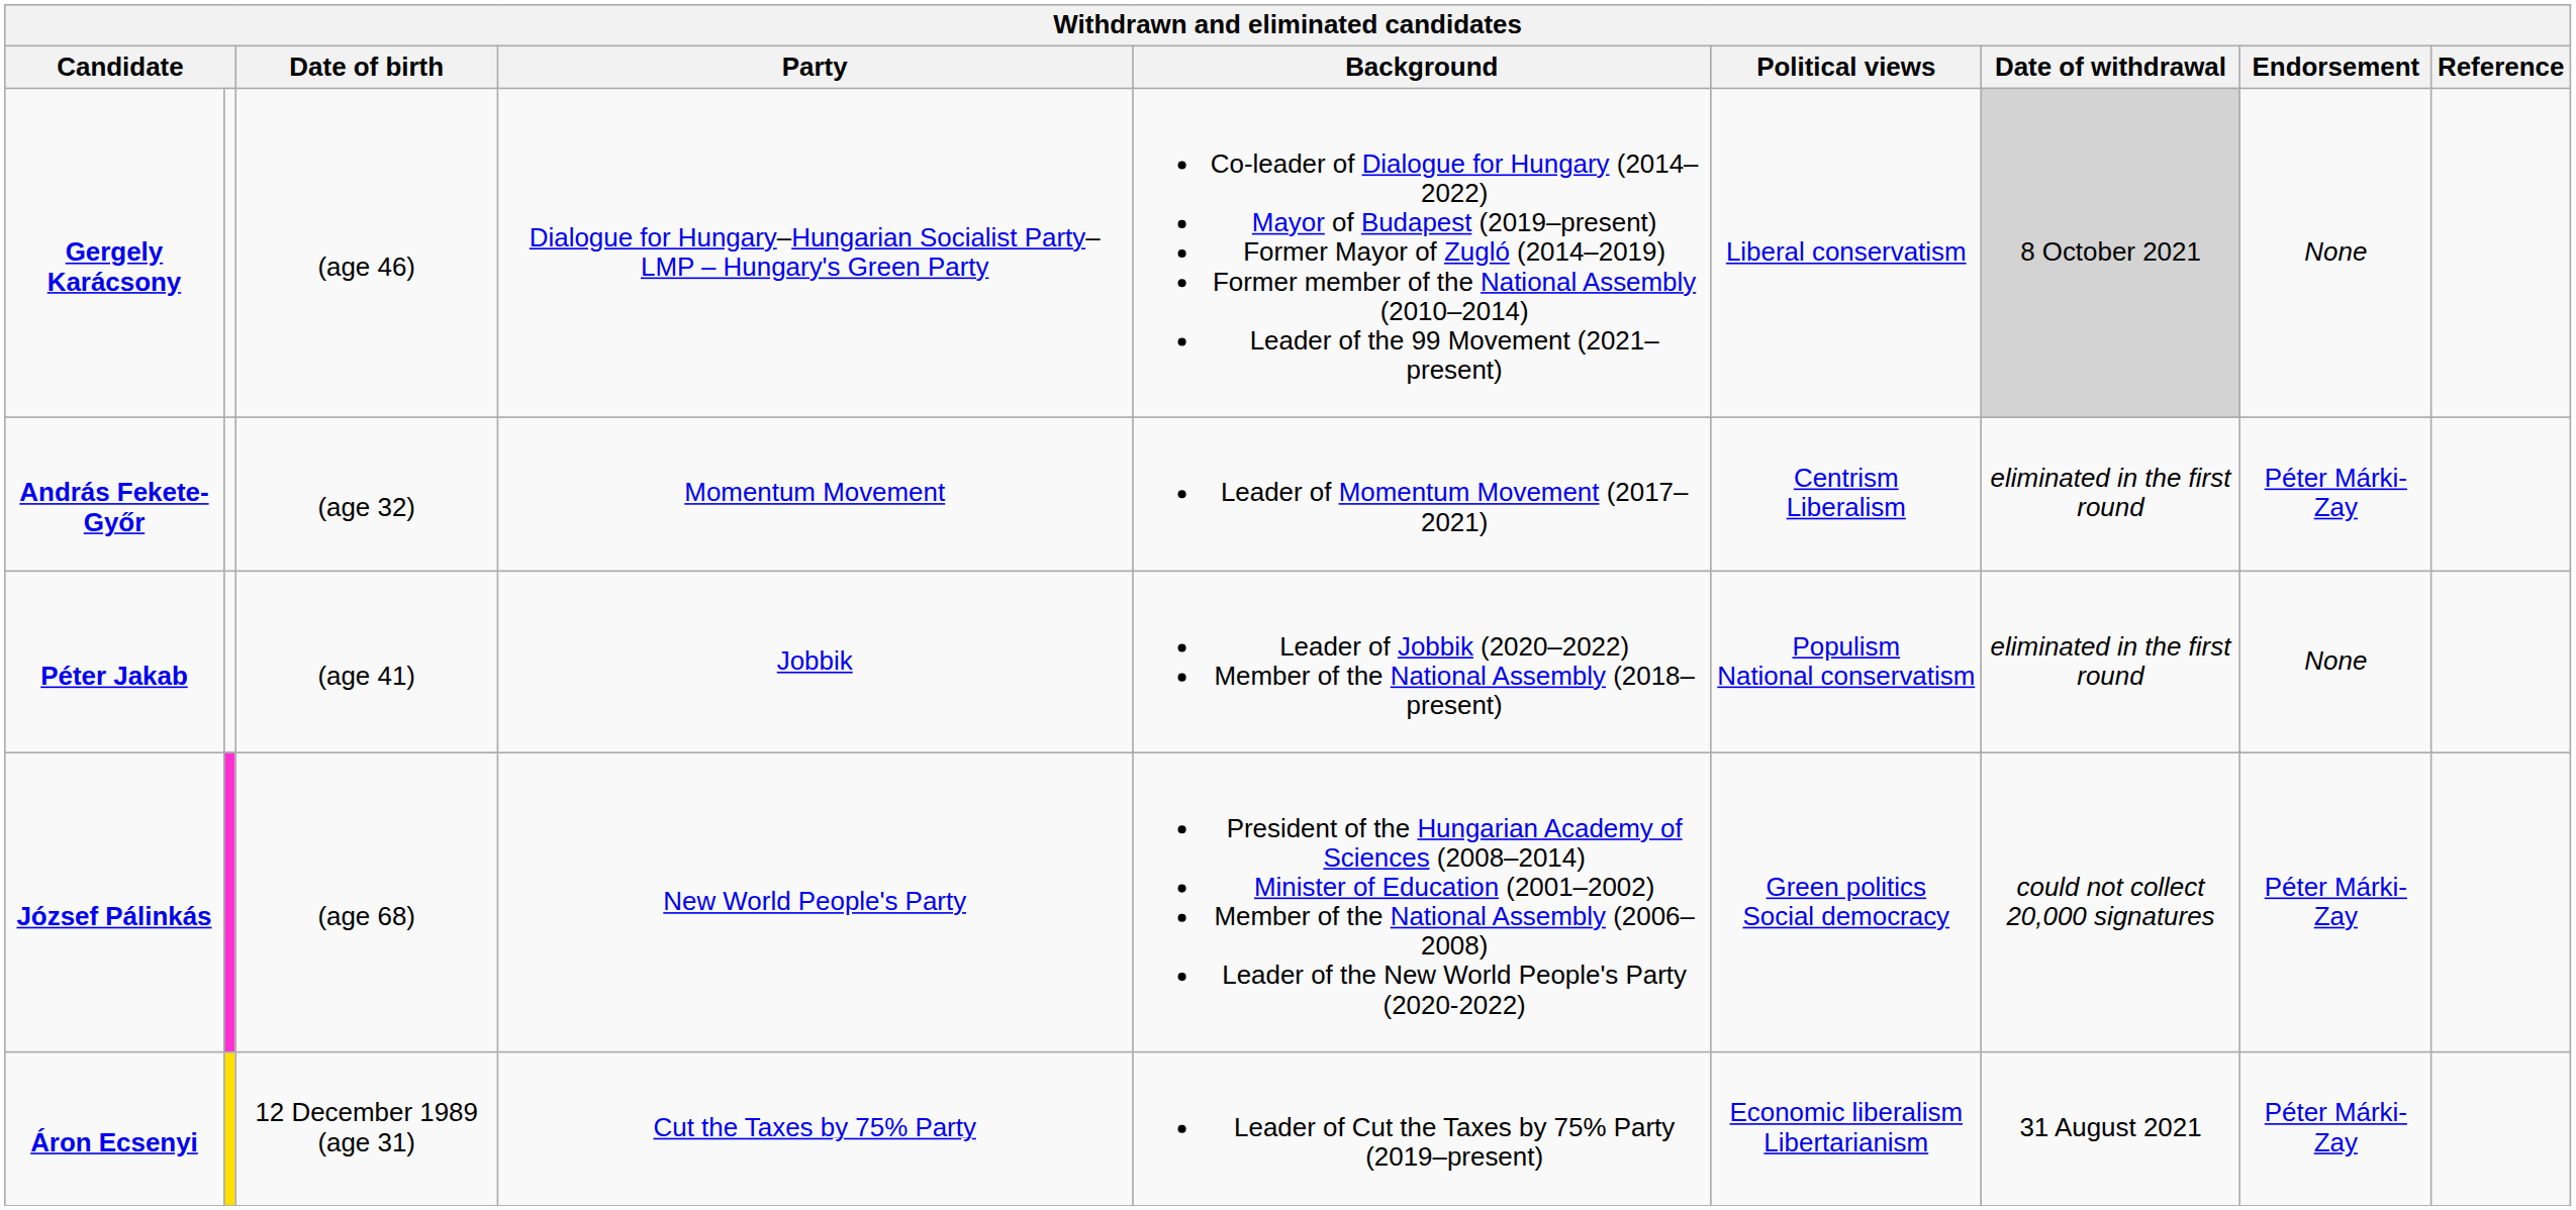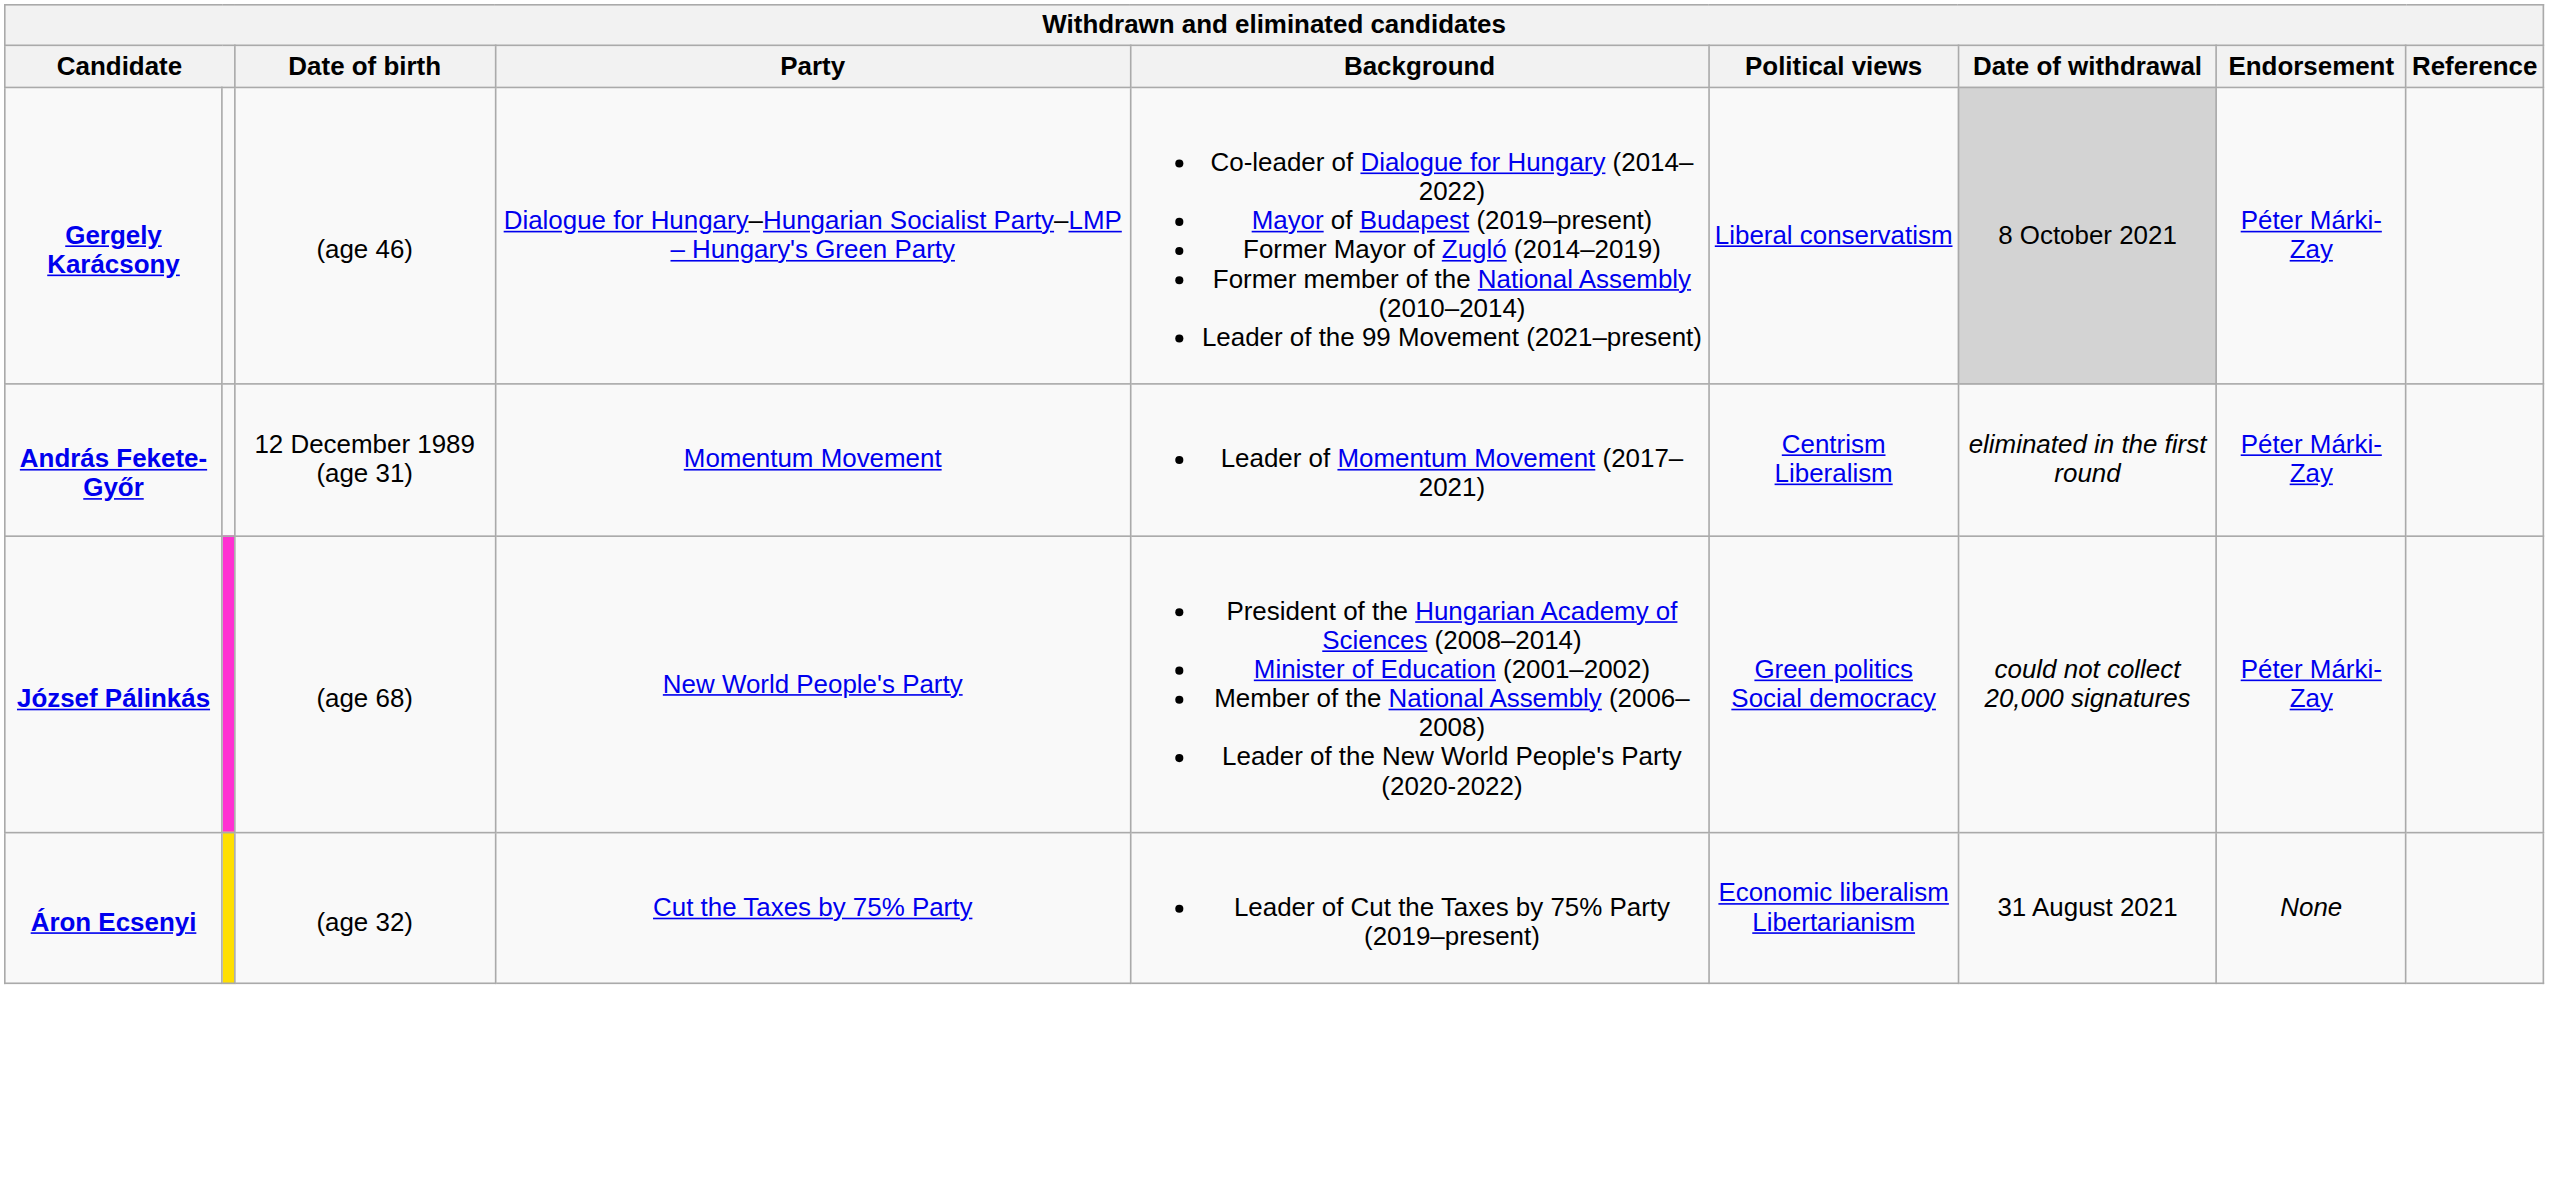 <table class="wikitable sortable collapsible " style="text-align:center;">
 <tr>
 <th colspan="9">Withdrawn and eliminated candidates</th>
 </tr>
 <tr>
 <th scope="col" colspan="2" style="width:20px;">Candidate</th>
 <th>Date of birth</th>
 <th>Party</th>
 <th>Background</th>
 <th>Political views</th>
 <th>Date of withdrawal</th>
 <th>Endorsement</th>
 <th>Reference</th>
 </tr>
 <tr>
 <td><br><strong><a href='#'>Gergely Karácsony</a></strong></td>
 <td style="background:"></td>
 <td><br>(age 46)</td>
 <td><a href='#'>Dialogue for Hungary</a>–<a href='#'>Hungarian Socialist Party</a>–<a href='#'>LMP – Hungary's Green Party</a></td>
 <td><br><ul><li>Co-leader of <a href='#'>Dialogue for Hungary</a> (2014–2022)</li><li><a href='#'>Mayor</a> of <a href='#'>Budapest</a> (2019–present)</li><li>Former Mayor of <a href='#'>Zugló</a> (2014–2019)</li><li>Former member of the <a href='#'>National Assembly</a> (2010–2014)</li><li>Leader of the 99 Movement (2021–present)</li></ul></td>
 <td><a href='#'>Liberal&nbsp;conservatism</a></td>
 <td style="background: lightgrey;">8 October 2021</td>
-<td><em>None</em></td>
+<td><a href='#'>Péter Márki-Zay</a></td>
 <td></td>
 </tr>
 <tr>
 <td><br><strong><a href='#'>András Fekete-Győr</a></strong></td>
 <td style="background:"></td>
-<td><br>(age 32)</td>
+<td>12 December 1989 (age 31)</td>
 <td><a href='#'>Momentum Movement</a></td>
 <td><br><ul><li>Leader of <a href='#'>Momentum Movement</a> (2017–2021)</li></ul></td>
 <td><a href='#'>Centrism</a><br><a href='#'>Liberalism</a></td>
 <td><em>eliminated in the first round</em></td>
 <td><a href='#'>Péter Márki-Zay</a></td>
-<td></td>
-</tr>
-<tr>
-<td><br><strong><a href='#'>Péter Jakab</a></strong></td>
-<td style="background:"></td>
-<td><br>(age 41)</td>
-<td><a href='#'>Jobbik</a></td>
-<td><br><ul><li>Leader of <a href='#'>Jobbik</a> (2020–2022)</li><li>Member of the <a href='#'>National Assembly</a> (2018–present)</li></ul></td>
-<td><a href='#'>Populism</a><br><a href='#'>National&nbsp;conservatism</a></td>
-<td><em>eliminated in the first round</em></td>
-<td><em>None</em></td>
 <td></td>
 </tr>
 <tr>
 <td><br><strong><a href='#'>József Pálinkás</a></strong></td>
 <td style="background:#ff30d2"></td>
 <td><br>(age 68)</td>
 <td><a href='#'>New World People's Party</a></td>
 <td><br><ul><li>President of the <a href='#'>Hungarian Academy of Sciences</a> (2008–2014)</li><li><a href='#'>Minister of Education</a> (2001–2002)</li><li>Member of the <a href='#'>National Assembly</a> (2006–2008)</li><li>Leader of the New World People's Party (2020-2022)</li></ul></td>
 <td><a href='#'>Green politics</a><br><a href='#'>Social democracy</a></td>
 <td><em>could not collect<br>20,000 signatures</em></td>
 <td><a href='#'>Péter Márki-Zay</a></td>
 <td></td>
 </tr>
 <tr>
 <td><br><strong><a href='#'>Áron Ecsenyi</a></strong></td>
 <td style ="background:#ffdf00"></td>
-<td>12 December 1989 (age 31)</td>
+<td><br>(age 32)</td>
 <td><a href='#'>Cut the Taxes by 75% Party</a></td>
 <td><br><ul><li>Leader of Cut the Taxes by 75% Party (2019–present)</li></ul></td>
 <td><a href='#'>Economic liberalism</a><br><a href='#'>Libertarianism</a></td>
 <td>31 August 2021</td>
-<td><a href='#'>Péter Márki-Zay</a></td>
+<td><em>None</em></td>
 <td></td>
 </tr>
 </table>
